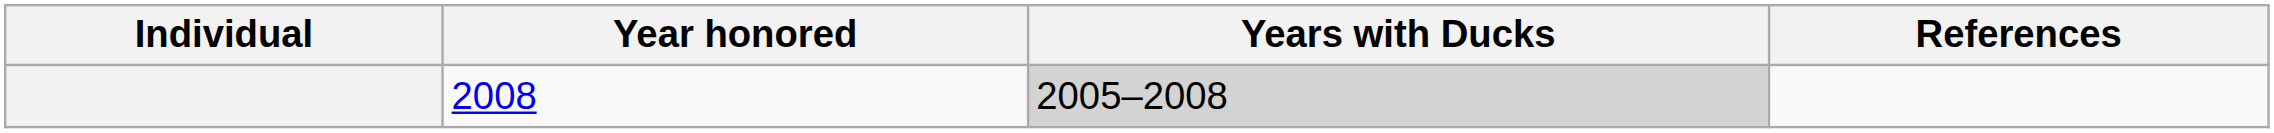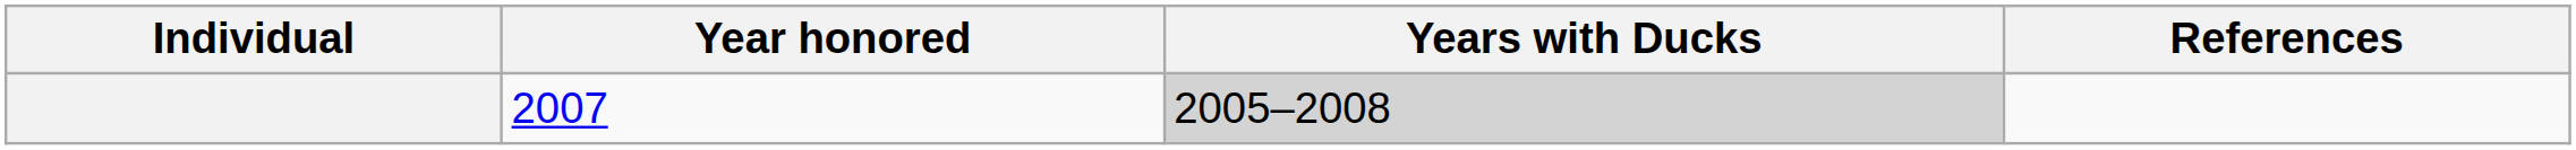 <table class="wikitable sortable" width="75%">
 <tr>
 <th scope="col">Individual</th>
 <th scope="col">Year honored</th>
 <th scope="col">Years with Ducks</th>
 <th scope="col" class="unsortable">References</th>
 </tr>
 <tr>
 <th scope="row"></th>
-<td><a href='#'>2008</a></td>
+<td><a href='#'>2007</a></td>
 <td style="background: lightgrey;">2005–2008</td>
 <td></td>
 </tr>
 </table>
